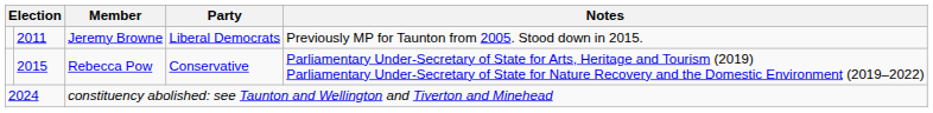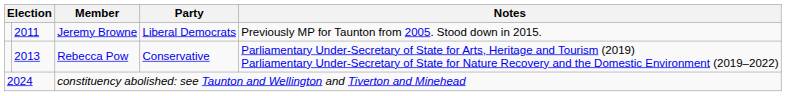 <table class="wikitable">
 <tr>
 <th colspan="2">Election</th>
 <th>Member</th>
 <th>Party</th>
 <th>Notes</th>
 </tr>
 <tr>
 <td style="color:inherit;background-color: "></td>
 <td><a href='#'>2011</a></td>
 <td><a href='#'>Jeremy Browne</a></td>
 <td><a href='#'>Liberal Democrats</a></td>
 <td>Previously MP for Taunton from <a href='#'>2005</a>. Stood down in 2015.</td>
 </tr>
 <tr>
 <td style="color:inherit;background-color: "></td>
-<td><a href='#'>2015</a></td>
+<td><a href='#'>2013</a></td>
 <td><a href='#'>Rebecca Pow</a></td>
 <td><a href='#'>Conservative</a></td>
 <td><a href='#'>Parliamentary Under-Secretary of State for Arts, Heritage and Tourism</a> (2019)<br><a href='#'>Parliamentary Under-Secretary of State for Nature Recovery and the Domestic Environment</a> (2019–2022)</td>
 </tr>
 <tr>
 <td colspan="2"><a href='#'>2024</a></td>
 <td colspan="4"><em>constituency abolished: see <a href='#'>Taunton and Wellington</a> and <a href='#'>Tiverton and Minehead</a></em></td>
 </tr>
 </table>
